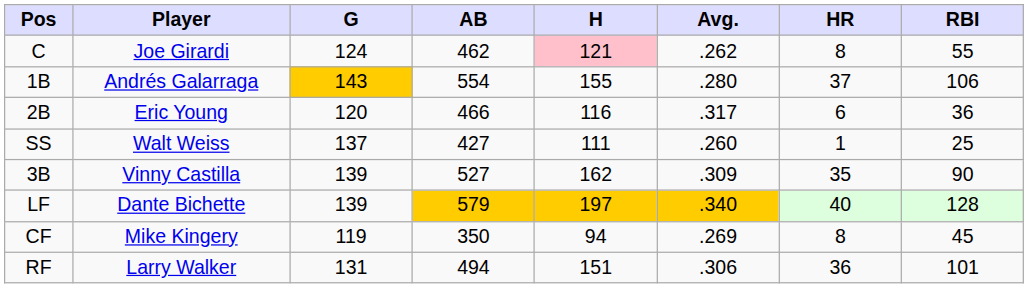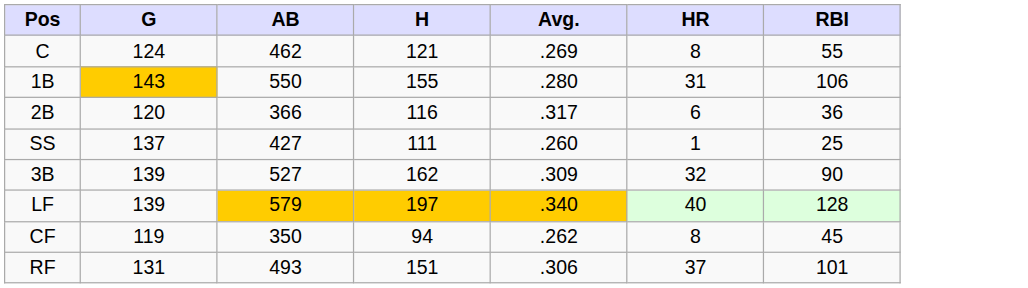 <table class="wikitable sortable">
 <tr>
 <th style="background:#ddf; width:5%;">Pos</th>
-<th style="background:#ddf; width:16%;">Player</th>
 <th style="background:#ddf; width:9%;">G</th>
 <th style="background:#ddf; width:9%;">AB</th>
 <th style="background:#ddf; width:9%;">H</th>
 <th style="background:#ddf; width:9%;">Avg.</th>
 <th style="background:#ddf; width:9%;">HR</th>
 <th style="background:#ddf; width:9%;">RBI</th>
 </tr>
 <tr style="text-align:center;">
 <td>C</td>
-<td><a href='#'>Joe Girardi</a></td>
 <td>124</td>
 <td>462</td>
-<td style="background: pink;">121</td>
-<td>.262</td>
+<td>121</td>
+<td>.269</td>
 <td>8</td>
 <td>55</td>
 </tr>
 <tr style="text-align:center;">
 <td>1B</td>
-<td><a href='#'>Andrés Galarraga</a></td>
 <td bgcolor="#FFCC00">143</td>
-<td>554</td>
+<td>550</td>
 <td>155</td>
 <td>.280</td>
-<td>37</td>
+<td>31</td>
 <td>106</td>
 </tr>
 <tr style="text-align:center;">
 <td>2B</td>
-<td><a href='#'>Eric Young</a></td>
 <td>120</td>
-<td>466</td>
+<td>366</td>
 <td>116</td>
 <td>.317</td>
 <td>6</td>
 <td>36</td>
 </tr>
 <tr style="text-align:center;">
 <td>SS</td>
-<td><a href='#'>Walt Weiss</a></td>
 <td>137</td>
 <td>427</td>
 <td>111</td>
 <td>.260</td>
 <td>1</td>
 <td>25</td>
 </tr>
 <tr style="text-align:center;">
 <td>3B</td>
-<td><a href='#'>Vinny Castilla</a></td>
 <td>139</td>
 <td>527</td>
 <td>162</td>
 <td>.309</td>
-<td>35</td>
+<td>32</td>
 <td>90</td>
 </tr>
 <tr style="text-align:center;">
 <td>LF</td>
-<td><a href='#'>Dante Bichette</a></td>
 <td>139</td>
 <td bgcolor="#FFCC00">579</td>
 <td bgcolor="#FFCC00">197</td>
 <td bgcolor="#FFCC00">.340</td>
 <td style="background:#DDFFDD;">40</td>
 <td style="background:#DDFFDD;">128</td>
 </tr>
 <tr style="text-align:center;">
 <td>CF</td>
-<td><a href='#'>Mike Kingery</a></td>
 <td>119</td>
 <td>350</td>
 <td>94</td>
-<td>.269</td>
+<td>.262</td>
 <td>8</td>
 <td>45</td>
 </tr>
 <tr style="text-align:center;">
 <td>RF</td>
-<td><a href='#'>Larry Walker</a></td>
 <td>131</td>
-<td>494</td>
+<td>493</td>
 <td>151</td>
 <td>.306</td>
-<td>36</td>
+<td>37</td>
 <td>101</td>
 </tr>
 </table>
